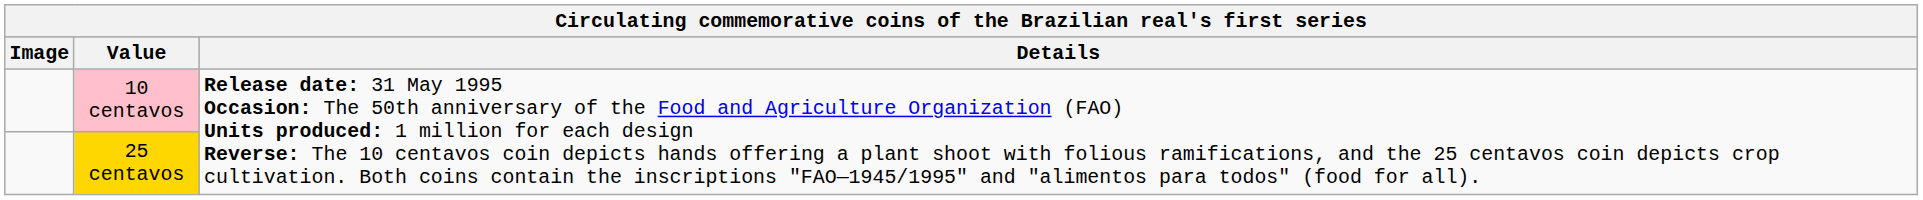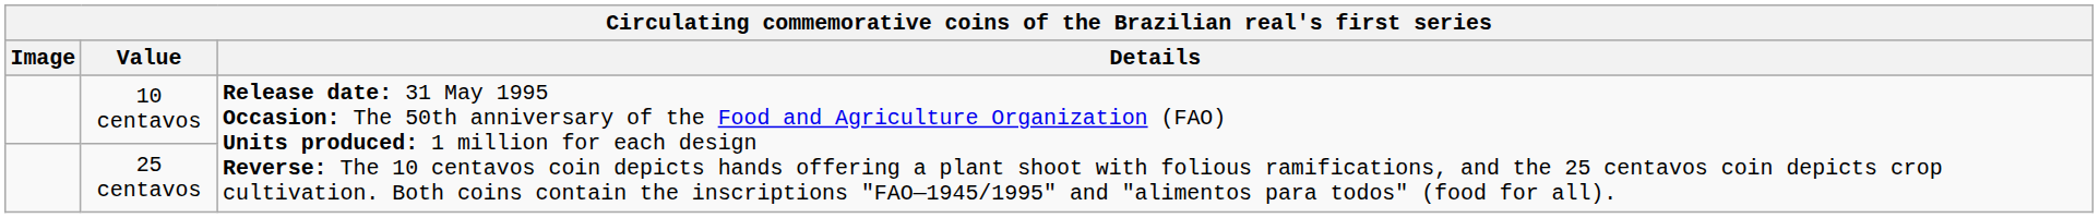 <table border="1" class="wikitable mw-collapsible">
 <tr>
 <th colspan="3">Circulating commemorative coins of the Brazilian real's first series</th>
 </tr>
 <tr>
 <th align="Center">Image</th>
 <th align="Center">Value</th>
 <th align="Center">Details</th>
 </tr>
 <tr>
 <td></td>
-<td align="Center" style="background: pink;">10 centavos</td>
+<td align="Center">10 centavos</td>
 <td rowspan=2><strong>Release date:</strong> 31 May 1995<br><strong>Occasion:</strong> The 50th anniversary of the <a href='#'>Food and Agriculture Organization</a> (FAO)<br><strong>Units produced:</strong> 1 million for each design<br><strong>Reverse:</strong> The 10 centavos coin depicts hands offering a plant shoot with folious ramifications, and the 25 centavos coin depicts crop cultivation. Both coins contain the inscriptions "FAO—1945/1995" and "alimentos para todos" (food for all).</td>
 </tr>
 <tr>
 <td></td>
-<td align="Center" style="background: gold;">25 centavos</td>
+<td align="Center">25 centavos</td>
 </tr>
 </table>
